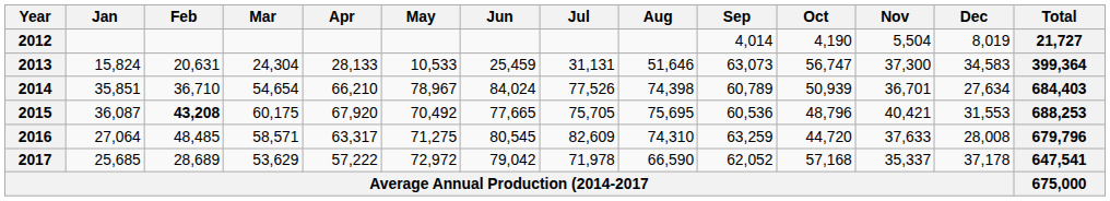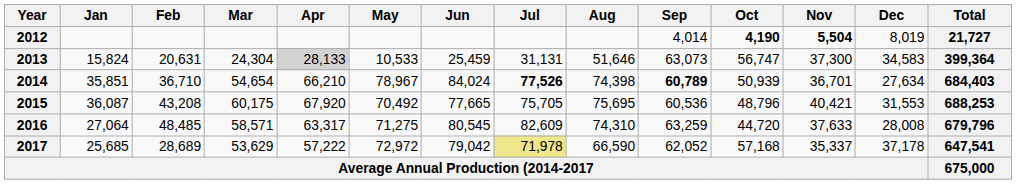 <table class=wikitable style="text-align:right; font-size:0.9em; width:1050px;">
 <tr>
 <th>Year</th>
 <th>Jan</th>
 <th>Feb</th>
 <th>Mar</th>
 <th>Apr</th>
 <th>May</th>
 <th>Jun</th>
 <th>Jul</th>
 <th>Aug</th>
 <th>Sep</th>
 <th>Oct</th>
 <th>Nov</th>
 <th>Dec</th>
 <th>Total</th>
 </tr>
 <tr>
 <th>2012</th>
 <td></td>
 <td></td>
 <td></td>
 <td></td>
 <td></td>
 <td></td>
 <td></td>
 <td></td>
 <td>4,014</td>
-<td>4,190</td>
-<td>5,504</td>
+<td><strong>4,190</strong></td>
+<td><strong>5,504</strong></td>
 <td>8,019</td>
 <th>21,727</th>
 </tr>
 <tr>
 <th>2013</th>
 <td>15,824</td>
 <td>20,631</td>
 <td>24,304</td>
-<td>28,133</td>
+<td style="background: lightgrey;">28,133</td>
 <td>10,533</td>
 <td>25,459</td>
 <td>31,131</td>
 <td>51,646</td>
 <td>63,073</td>
 <td>56,747</td>
 <td>37,300</td>
 <td>34,583</td>
 <th>399,364</th>
 </tr>
 <tr>
 <th>2014</th>
 <td>35,851</td>
 <td>36,710</td>
 <td>54,654</td>
 <td>66,210</td>
 <td>78,967</td>
 <td>84,024</td>
-<td>77,526</td>
+<td><strong>77,526</strong></td>
 <td>74,398</td>
-<td>60,789</td>
+<td><strong>60,789</strong></td>
 <td>50,939</td>
 <td>36,701</td>
 <td>27,634</td>
 <th>684,403</th>
 </tr>
 <tr>
 <th>2015</th>
 <td>36,087</td>
-<td><strong>43,208</strong></td>
+<td>43,208</td>
 <td>60,175</td>
 <td>67,920</td>
 <td>70,492</td>
 <td>77,665</td>
 <td>75,705</td>
 <td>75,695</td>
 <td>60,536</td>
 <td>48,796</td>
 <td>40,421</td>
 <td>31,553</td>
 <th>688,253</th>
 </tr>
 <tr>
 <th>2016</th>
 <td>27,064</td>
 <td>48,485</td>
 <td>58,571</td>
 <td>63,317</td>
 <td>71,275</td>
 <td>80,545</td>
 <td>82,609</td>
 <td>74,310</td>
 <td>63,259</td>
 <td>44,720</td>
 <td>37,633</td>
 <td>28,008</td>
 <th>679,796</th>
 </tr>
 <tr>
 <th>2017</th>
 <td>25,685</td>
 <td>28,689</td>
 <td>53,629</td>
 <td>57,222</td>
 <td>72,972</td>
 <td>79,042</td>
-<td>71,978</td>
+<td style="background: khaki;">71,978</td>
 <td>66,590</td>
 <td>62,052</td>
 <td>57,168</td>
 <td>35,337</td>
 <td>37,178</td>
 <th>647,541</th>
 </tr>
 <tr>
 <th colspan=13>Average Annual Production (2014-2017</th>
 <th>675,000</th>
 </tr>
 </table>
